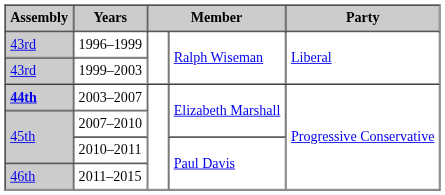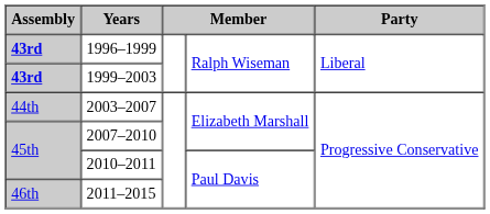 <table border=1 cellpadding=5 cellspacing=0>
 <tr bgcolor="CCCCCC">
 <th>Assembly</th>
 <th>Years</th>
 <th colspan="2">Member</th>
 <th>Party</th>
 </tr>
 <tr>
-<td bgcolor="CCCCCC"><a href='#'>43rd</a></td>
+<td bgcolor="CCCCCC"><strong><a href='#'>43rd</a></strong></td>
 <td>1996–1999</td>
 <td rowspan=2 >   </td>
 <td rowspan=2><a href='#'>Ralph Wiseman</a></td>
 <td rowspan=2><a href='#'>Liberal</a></td>
 </tr>
 <tr>
-<td bgcolor="CCCCCC"><a href='#'>43rd</a></td>
+<td bgcolor="CCCCCC"><strong><a href='#'>43rd</a></strong></td>
 <td>1999–2003</td>
 </tr>
 <tr>
-<td bgcolor="CCCCCC"><strong><a href='#'>44th</a></strong></td>
+<td bgcolor="CCCCCC"><a href='#'>44th</a></td>
 <td>2003–2007</td>
 <td rowspan=4 >   </td>
 <td rowspan=2><a href='#'>Elizabeth Marshall</a></td>
 <td rowspan=4><a href='#'>Progressive Conservative</a></td>
 </tr>
 <tr>
 <td rowspan=2 bgcolor="CCCCCC"><a href='#'>45th</a></td>
 <td>2007–2010</td>
 </tr>
 <tr>
 <td>2010–2011</td>
 <td rowspan=2><a href='#'>Paul Davis</a></td>
 </tr>
 <tr>
 <td bgcolor="CCCCCC"><a href='#'>46th</a></td>
 <td>2011–2015</td>
 </tr>
 <tr>
 </tr>
 </table>
